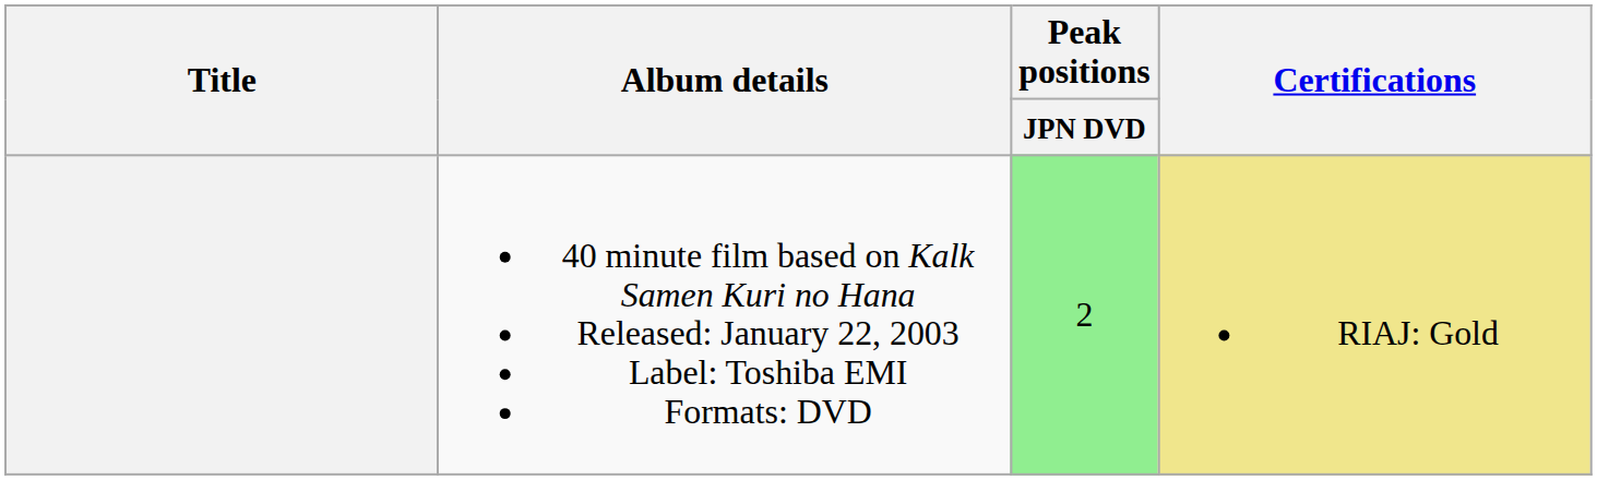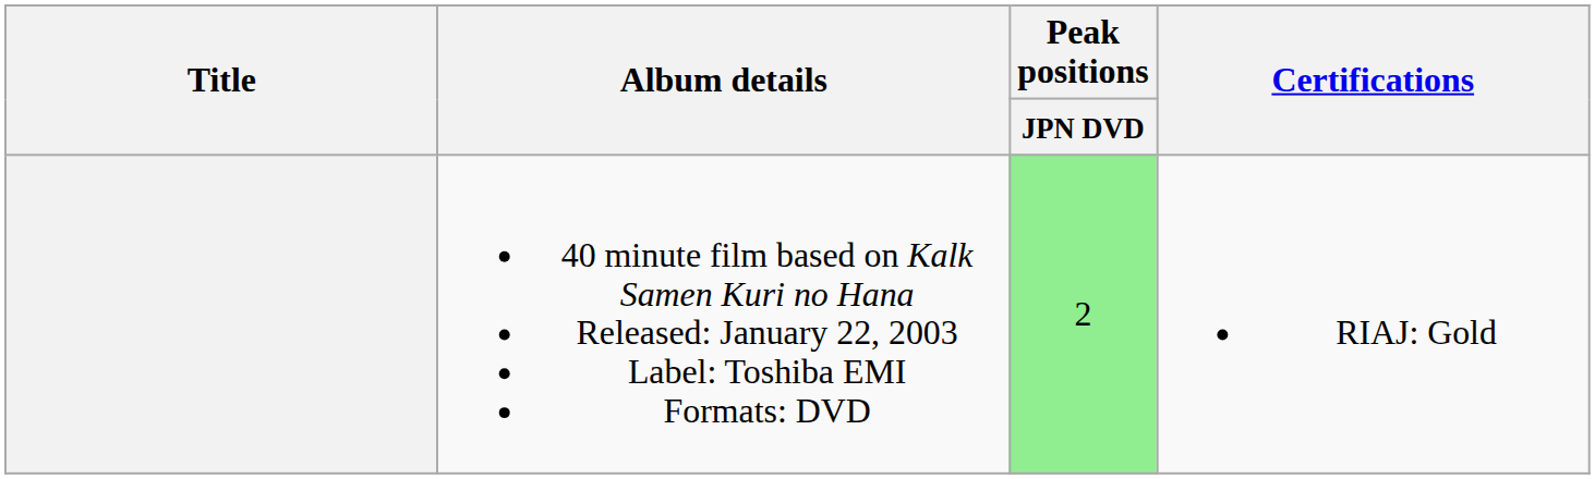 <table class="wikitable plainrowheaders" style="text-align:center;" border="1">
 <tr>
 <th style="width:12em;" rowspan="2">Title</th>
 <th style="width:16em;" rowspan="2">Album details</th>
 <th colspan="1">Peak positions</th>
 <th style="width:12em;" rowspan="2"><a href='#'>Certifications</a></th>
 </tr>
 <tr>
 <th style="width:2.5em;"><small>JPN DVD</small><br></th>
 </tr>
 <tr>
 <th scope="row"></th>
 <td><br><ul><li>40 minute film based on <em>Kalk Samen Kuri no Hana</em></li><li>Released: January 22, 2003</li><li>Label: Toshiba EMI</li><li>Formats: DVD</li></ul></td>
 <td style="background: lightgreen;">2</td>
-<td style="background: khaki;"><br><ul><li>RIAJ: Gold</li></ul></td>
+<td><br><ul><li>RIAJ: Gold</li></ul></td>
 </tr>
 </table>
